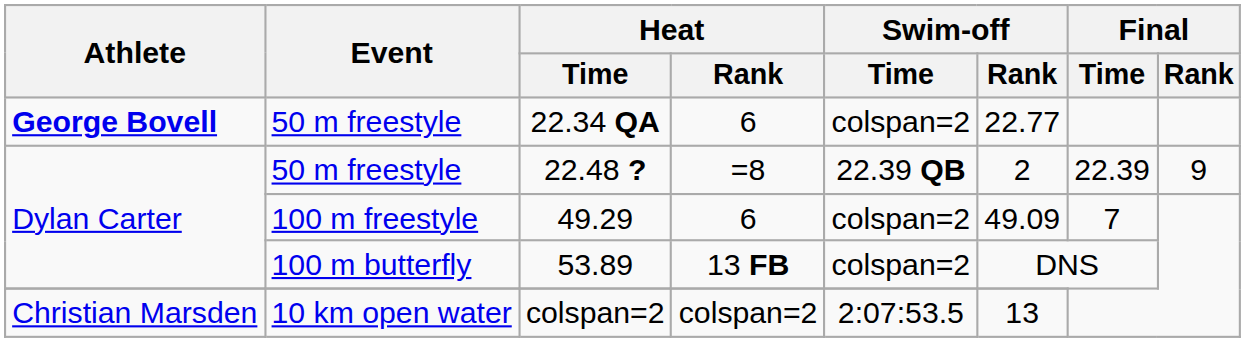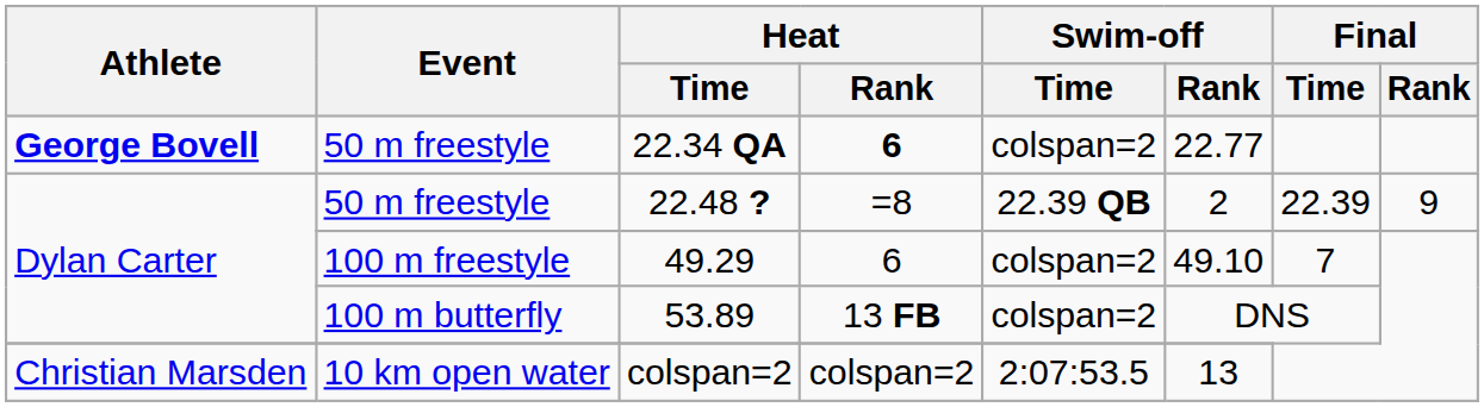 <table class="wikitable" style="font-size:90%">
 <tr>
 <th rowspan="2">Athlete</th>
 <th rowspan="2">Event</th>
 <th colspan="2">Heat</th>
 <th colspan="2">Swim-off</th>
 <th colspan="2">Final</th>
 </tr>
 <tr style="font-size:95%">
 <th>Time</th>
 <th>Rank</th>
 <th>Time</th>
 <th>Rank</th>
 <th>Time</th>
 <th>Rank</th>
 </tr>
 <tr align=center>
 <td align=left><strong><a href='#'>George Bovell</a></strong></td>
 <td align=left><a href='#'>50 m freestyle</a></td>
 <td>22.34 <strong>QA</strong></td>
-<td>6</td>
+<td><strong>6</strong></td>
 <td>colspan=2 </td>
 <td>22.77</td>
 <td></td>
 </tr>
 <tr align=center>
 <td align=left rowspan=3><a href='#'>Dylan Carter</a></td>
 <td align=left><a href='#'>50 m freestyle</a></td>
 <td>22.48 <strong>?</strong></td>
 <td>=8</td>
 <td>22.39 <strong>QB</strong></td>
 <td>2</td>
 <td>22.39</td>
 <td>9</td>
 </tr>
 <tr align=center>
 <td align=left><a href='#'>100 m freestyle</a></td>
 <td>49.29</td>
 <td>6</td>
 <td>colspan=2 </td>
-<td>49.09</td>
+<td>49.10</td>
 <td>7</td>
 </tr>
 <tr align=center>
 <td align=left><a href='#'>100 m butterfly</a></td>
 <td>53.89</td>
 <td>13 <strong>FB</strong></td>
 <td>colspan=2 </td>
 <td colspan=2>DNS</td>
 </tr>
 <tr>
 </tr>
 <tr align=center>
 <td align=left><a href='#'>Christian Marsden</a></td>
 <td align=left><a href='#'>10 km open water</a></td>
 <td>colspan=2 </td>
 <td>colspan=2 </td>
 <td>2:07:53.5</td>
 <td>13</td>
 </tr>
 </table>
